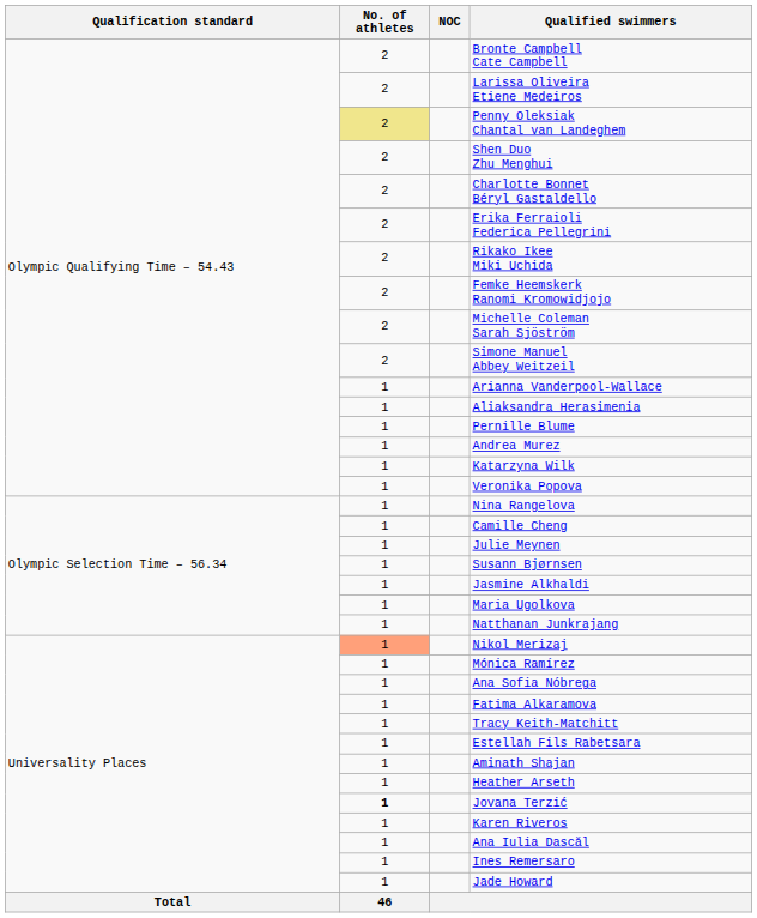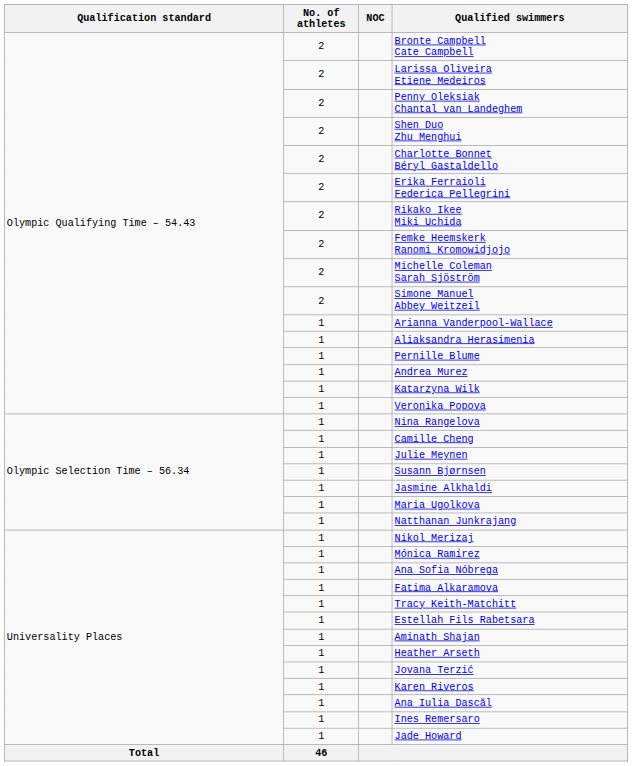 <table class=wikitable style="text-align:left" width=800>
 <tr>
 <th>Qualification standard</th>
 <th width=90>No. of athletes</th>
 <th>NOC</th>
 <th>Qualified swimmers</th>
 </tr>
 <tr>
 <td rowspan=16>Olympic Qualifying Time – 54.43</td>
 <td align=center>2</td>
 <td></td>
 <td><a href='#'>Bronte Campbell</a><br><a href='#'>Cate Campbell</a></td>
 </tr>
 <tr>
 <td align=center>2</td>
 <td></td>
 <td><a href='#'>Larissa Oliveira</a><br><a href='#'>Etiene Medeiros</a></td>
 </tr>
 <tr>
-<td align=center style="background: khaki;">2</td>
+<td align=center>2</td>
 <td></td>
 <td><a href='#'>Penny Oleksiak</a><br><a href='#'>Chantal van Landeghem</a></td>
 </tr>
 <tr>
 <td align=center>2</td>
 <td></td>
 <td><a href='#'>Shen Duo</a><br><a href='#'>Zhu Menghui</a></td>
 </tr>
 <tr>
 <td align=center>2</td>
 <td></td>
 <td><a href='#'>Charlotte Bonnet</a><br><a href='#'>Béryl Gastaldello</a></td>
 </tr>
 <tr>
 <td align=center>2</td>
 <td></td>
 <td><a href='#'>Erika Ferraioli</a><br><a href='#'>Federica Pellegrini</a></td>
 </tr>
 <tr>
 <td align=center>2</td>
 <td></td>
 <td><a href='#'>Rikako Ikee</a><br><a href='#'>Miki Uchida</a></td>
 </tr>
 <tr>
 <td align=center>2</td>
 <td></td>
 <td><a href='#'>Femke Heemskerk</a><br><a href='#'>Ranomi Kromowidjojo</a></td>
 </tr>
 <tr>
 <td align=center>2</td>
 <td></td>
 <td><a href='#'>Michelle Coleman</a><br><a href='#'>Sarah Sjöström</a></td>
 </tr>
 <tr>
 <td align=center>2</td>
 <td></td>
 <td><a href='#'>Simone Manuel</a><br><a href='#'>Abbey Weitzeil</a></td>
 </tr>
 <tr>
 <td align=center>1</td>
 <td></td>
 <td><a href='#'>Arianna Vanderpool-Wallace</a></td>
 </tr>
 <tr>
 <td align=center>1</td>
 <td></td>
 <td><a href='#'>Aliaksandra Herasimenia</a></td>
 </tr>
 <tr>
 <td align=center>1</td>
 <td></td>
 <td><a href='#'>Pernille Blume</a></td>
 </tr>
 <tr>
 <td align=center>1</td>
 <td></td>
 <td><a href='#'>Andrea Murez</a></td>
 </tr>
 <tr>
 <td align=center>1</td>
 <td></td>
 <td><a href='#'>Katarzyna Wilk</a></td>
 </tr>
 <tr>
 <td align=center>1</td>
 <td></td>
 <td><a href='#'>Veronika Popova</a></td>
 </tr>
 <tr>
 <td rowspan=7>Olympic Selection Time – 56.34</td>
 <td align=center>1</td>
 <td></td>
 <td><a href='#'>Nina Rangelova</a></td>
 </tr>
 <tr>
 <td align=center>1</td>
 <td></td>
 <td><a href='#'>Camille Cheng</a></td>
 </tr>
 <tr>
 <td align=center>1</td>
 <td></td>
 <td><a href='#'>Julie Meynen</a></td>
 </tr>
 <tr>
 <td align=center>1</td>
 <td></td>
 <td><a href='#'>Susann Bjørnsen</a></td>
 </tr>
 <tr>
 <td align=center>1</td>
 <td></td>
 <td><a href='#'>Jasmine Alkhaldi</a></td>
 </tr>
 <tr>
 <td align=center>1</td>
 <td></td>
 <td><a href='#'>Maria Ugolkova</a></td>
 </tr>
 <tr>
 <td align=center>1</td>
 <td></td>
 <td><a href='#'>Natthanan Junkrajang</a></td>
 </tr>
 <tr>
 <td rowspan=13>Universality Places</td>
-<td align=center style="background: lightsalmon;">1</td>
+<td align=center>1</td>
 <td></td>
 <td><a href='#'>Nikol Merizaj</a></td>
 </tr>
 <tr>
 <td align=center>1</td>
 <td></td>
 <td><a href='#'>Mónica Ramírez</a></td>
 </tr>
 <tr>
 <td align=center>1</td>
 <td></td>
 <td><a href='#'>Ana Sofia Nóbrega</a></td>
 </tr>
 <tr>
 <td align=center>1</td>
 <td></td>
 <td><a href='#'>Fatima Alkaramova</a></td>
 </tr>
 <tr>
 <td align=center>1</td>
 <td></td>
 <td><a href='#'>Tracy Keith-Matchitt</a></td>
 </tr>
 <tr>
 <td align=center>1</td>
 <td></td>
 <td><a href='#'>Estellah Fils Rabetsara</a></td>
 </tr>
 <tr>
 <td align=center>1</td>
 <td></td>
 <td><a href='#'>Aminath Shajan</a></td>
 </tr>
 <tr>
 <td align=center>1</td>
 <td></td>
 <td><a href='#'>Heather Arseth</a></td>
 </tr>
 <tr>
-<td align=center><strong>1</strong></td>
+<td align=center>1</td>
 <td></td>
 <td><a href='#'>Jovana Terzić</a></td>
 </tr>
 <tr>
 <td align=center>1</td>
 <td></td>
 <td><a href='#'>Karen Riveros</a></td>
 </tr>
 <tr>
 <td align=center>1</td>
 <td></td>
 <td><a href='#'>Ana Iulia Dascăl</a></td>
 </tr>
 <tr>
 <td align=center>1</td>
 <td></td>
 <td><a href='#'>Ines Remersaro</a></td>
 </tr>
 <tr>
 <td align=center>1</td>
 <td></td>
 <td><a href='#'>Jade Howard</a></td>
 </tr>
 <tr>
 <th><strong>Total</strong></th>
 <th>46</th>
 <th colspan=2></th>
 </tr>
 </table>
